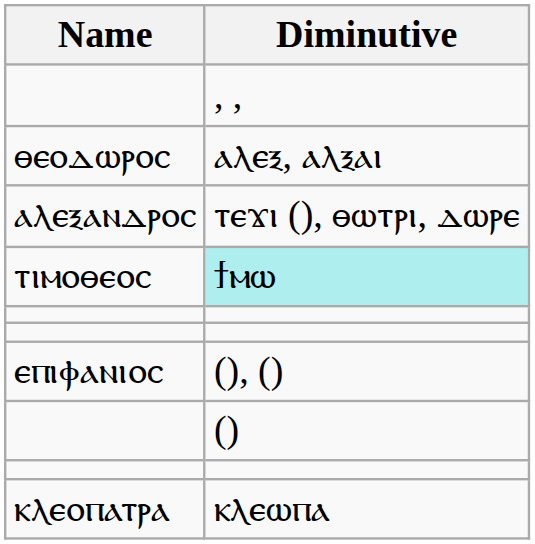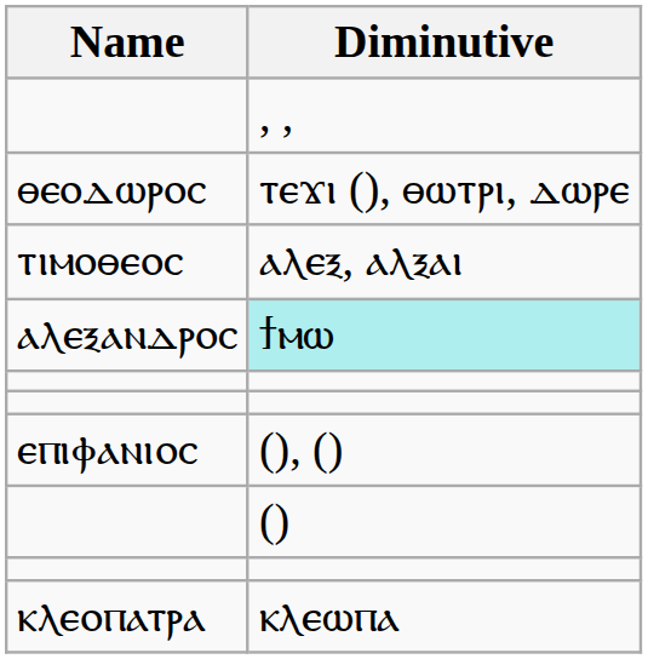 <table class="wikitable">
 <tr>
 <th>Name</th>
 <th>Diminutive</th>
 </tr>
 <tr>
 <td></td>
 <td>, , </td>
 </tr>
 <tr>
 <td>ⲑⲉⲟⲇⲱⲣⲟⲥ</td>
+<td>ⲧⲉϫⲓ (), ⲑⲱⲧⲣⲓ, ⲇⲱⲣⲉ</td>
+</tr>
+<tr>
+<td>ⲧⲓⲙⲟⲑⲉⲟⲥ</td>
 <td>ⲁⲗⲉⲝ, ⲁⲗⲝⲁⲓ</td>
 </tr>
 <tr>
 <td>ⲁⲗⲉⲝⲁⲛⲇⲣⲟⲥ</td>
-<td>ⲧⲉϫⲓ (), ⲑⲱⲧⲣⲓ, ⲇⲱⲣⲉ</td>
-</tr>
-<tr>
-<td>ⲧⲓⲙⲟⲑⲉⲟⲥ</td>
 <td style="background: paleturquoise;">ϯⲙⲱ</td>
 </tr>
 <tr>
 <td></td>
 <td></td>
 </tr>
 <tr>
 <td></td>
 <td></td>
 </tr>
 <tr>
 <td>ⲉⲡⲓⲫⲁⲛⲓⲟⲥ</td>
 <td> (),  ()</td>
 </tr>
 <tr>
 <td></td>
 <td> ()</td>
 </tr>
 <tr>
 <td></td>
 <td></td>
 </tr>
 <tr>
 <td>ⲕⲗⲉⲟⲡⲁⲧⲣⲁ</td>
 <td>ⲕⲗⲉⲱⲡⲁ</td>
 </tr>
 </table>
